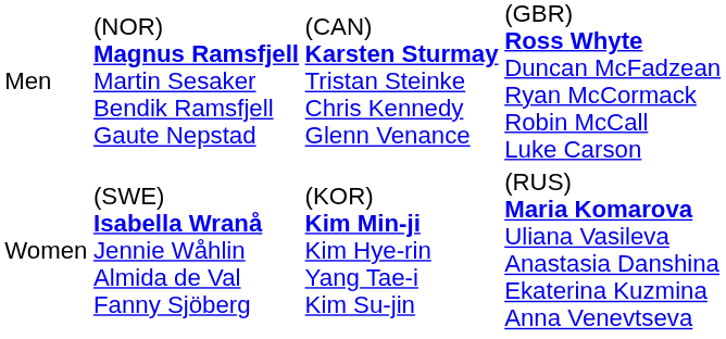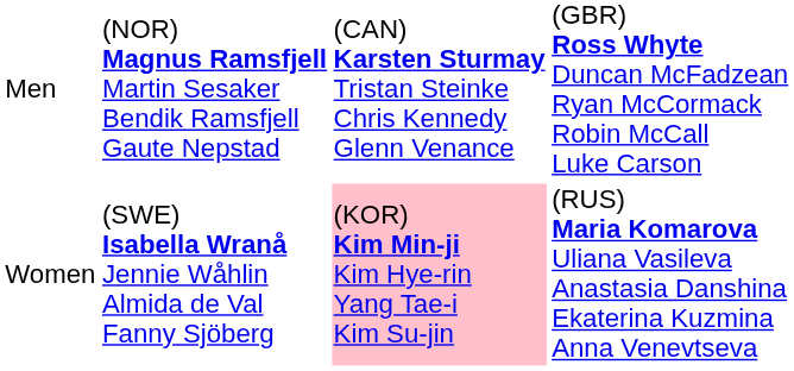 <table>
 <tr>
 <td>Men</td>
 <td> (NOR)<br><strong><a href='#'>Magnus Ramsfjell</a></strong><br><a href='#'>Martin Sesaker</a><br><a href='#'>Bendik Ramsfjell</a><br><a href='#'>Gaute Nepstad</a></td>
 <td> (CAN)<br><strong><a href='#'>Karsten Sturmay</a></strong><br><a href='#'>Tristan Steinke</a><br><a href='#'>Chris Kennedy</a><br><a href='#'>Glenn Venance</a></td>
 <td> (GBR)<br><strong><a href='#'>Ross Whyte</a></strong><br><a href='#'>Duncan McFadzean</a><br><a href='#'>Ryan McCormack</a><br><a href='#'>Robin McCall</a><br><a href='#'>Luke Carson</a></td>
 </tr>
 <tr>
 <td>Women</td>
 <td> (SWE)<br><strong><a href='#'>Isabella Wranå</a></strong><br><a href='#'>Jennie Wåhlin</a><br><a href='#'>Almida de Val</a><br><a href='#'>Fanny Sjöberg</a></td>
-<td> (KOR)<br><strong><a href='#'>Kim Min-ji</a></strong><br><a href='#'>Kim Hye-rin</a><br><a href='#'>Yang Tae-i</a><br><a href='#'>Kim Su-jin</a></td>
+<td style="background: pink;"> (KOR)<br><strong><a href='#'>Kim Min-ji</a></strong><br><a href='#'>Kim Hye-rin</a><br><a href='#'>Yang Tae-i</a><br><a href='#'>Kim Su-jin</a></td>
 <td> (RUS)<br><strong><a href='#'>Maria Komarova</a></strong><br><a href='#'>Uliana Vasileva</a><br><a href='#'>Anastasia Danshina</a><br><a href='#'>Ekaterina Kuzmina</a><br><a href='#'>Anna Venevtseva</a></td>
 </tr>
 </table>
